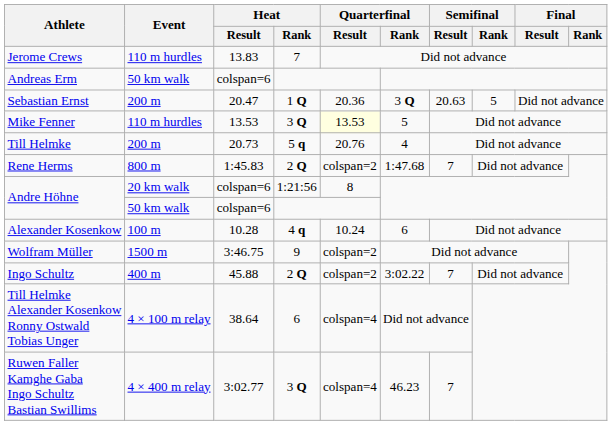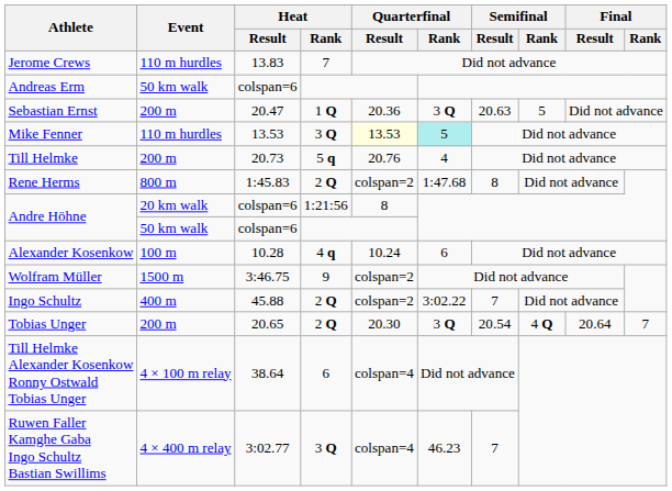 <table class=wikitable style="font-size:90%">
 <tr>
 <th rowspan="2">Athlete</th>
 <th rowspan="2">Event</th>
 <th colspan="2">Heat</th>
 <th colspan="2">Quarterfinal</th>
 <th colspan="2">Semifinal</th>
 <th colspan="2">Final</th>
 </tr>
 <tr style="font-size:95%">
 <th>Result</th>
 <th>Rank</th>
 <th>Result</th>
 <th>Rank</th>
 <th>Result</th>
 <th>Rank</th>
 <th>Result</th>
 <th>Rank</th>
 </tr>
 <tr align=center>
 <td align=left><a href='#'>Jerome Crews</a></td>
 <td align=left><a href='#'>110 m hurdles</a></td>
 <td>13.83</td>
 <td>7</td>
 <td colspan=6>Did not advance</td>
 </tr>
 <tr align=center>
 <td align=left><a href='#'>Andreas Erm</a></td>
 <td align=left><a href='#'>50 km walk</a></td>
 <td>colspan=6 </td>
 <td colspan=2></td>
 </tr>
 <tr align=center>
 <td align=left><a href='#'>Sebastian Ernst</a></td>
 <td align=left><a href='#'>200 m</a></td>
 <td>20.47</td>
 <td>1 <strong>Q</strong></td>
 <td>20.36</td>
 <td>3 <strong>Q</strong></td>
 <td>20.63</td>
 <td>5</td>
 <td colspan=2>Did not advance</td>
 </tr>
 <tr align=center>
 <td align=left><a href='#'>Mike Fenner</a></td>
 <td align=left><a href='#'>110 m hurdles</a></td>
 <td>13.53</td>
 <td>3 <strong>Q</strong></td>
 <td style="background: lightyellow;">13.53</td>
-<td>5</td>
+<td style="background: paleturquoise;">5</td>
 <td colspan=4>Did not advance</td>
 </tr>
 <tr align=center>
 <td align=left><a href='#'>Till Helmke</a></td>
 <td align=left><a href='#'>200 m</a></td>
 <td>20.73</td>
 <td>5 <strong>q</strong></td>
 <td>20.76</td>
 <td>4</td>
 <td colspan=4>Did not advance</td>
 </tr>
 <tr align=center>
 <td align=left><a href='#'>Rene Herms</a></td>
 <td align=left><a href='#'>800 m</a></td>
 <td>1:45.83</td>
 <td>2 <strong>Q</strong></td>
 <td>colspan=2 </td>
 <td>1:47.68</td>
-<td>7</td>
+<td>8</td>
 <td colspan=2>Did not advance</td>
 </tr>
 <tr align=center>
 <td align=left rowspan=2><a href='#'>Andre Höhne</a></td>
 <td align=left><a href='#'>20 km walk</a></td>
 <td>colspan=6 </td>
 <td>1:21:56</td>
 <td>8</td>
 </tr>
 <tr align=center>
 <td align=left><a href='#'>50 km walk</a></td>
 <td>colspan=6 </td>
 <td colspan=2></td>
 </tr>
 <tr align=center>
 <td align=left><a href='#'>Alexander Kosenkow</a></td>
 <td align=left><a href='#'>100 m</a></td>
 <td>10.28</td>
 <td>4 <strong>q</strong></td>
 <td>10.24</td>
 <td>6</td>
 <td colspan=4>Did not advance</td>
 </tr>
 <tr align=center>
 <td align=left><a href='#'>Wolfram Müller</a></td>
 <td align=left><a href='#'>1500 m</a></td>
 <td>3:46.75</td>
 <td>9</td>
 <td>colspan=2 </td>
 <td colspan=4>Did not advance</td>
 </tr>
 <tr align=center>
 <td align=left><a href='#'>Ingo Schultz</a></td>
 <td align=left><a href='#'>400 m</a></td>
 <td>45.88</td>
 <td>2 <strong>Q</strong></td>
 <td>colspan=2 </td>
 <td>3:02.22</td>
 <td>7</td>
 <td colspan=2>Did not advance</td>
 </tr>
 <tr align=center>
+<td align=left><a href='#'>Tobias Unger</a></td>
+<td align=left><a href='#'>200 m</a></td>
+<td>20.65</td>
+<td>2 <strong>Q</strong></td>
+<td>20.30</td>
+<td>3 <strong>Q</strong></td>
+<td>20.54</td>
+<td>4 <strong>Q</strong></td>
+<td>20.64</td>
+<td>7</td>
+</tr>
+<tr align=center>
 <td align=left><a href='#'>Till Helmke</a><br><a href='#'>Alexander Kosenkow</a><br><a href='#'>Ronny Ostwald</a><br><a href='#'>Tobias Unger</a></td>
 <td align=left><a href='#'>4 × 100 m relay</a></td>
 <td>38.64</td>
 <td>6</td>
 <td>colspan=4 </td>
 <td colspan=2>Did not advance</td>
 </tr>
 <tr align=center>
 <td align=left><a href='#'>Ruwen Faller</a><br><a href='#'>Kamghe Gaba</a><br><a href='#'>Ingo Schultz</a><br><a href='#'>Bastian Swillims</a></td>
 <td align=left><a href='#'>4 × 400 m relay</a></td>
 <td>3:02.77</td>
 <td>3 <strong>Q</strong></td>
 <td>colspan=4 </td>
 <td>46.23</td>
 <td>7</td>
 </tr>
 </table>
